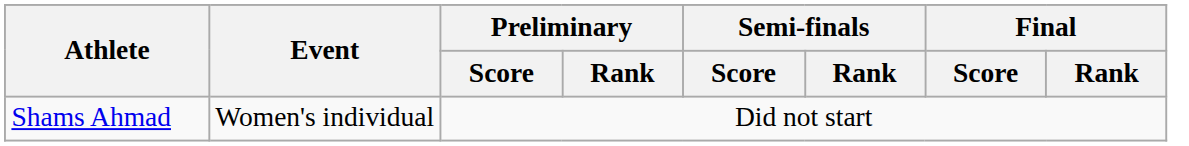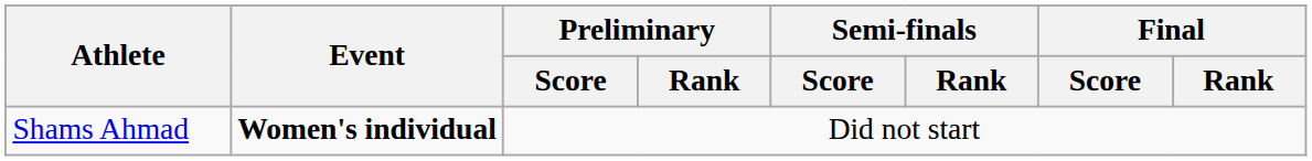 <table class="wikitable" style="font-size:90%; text-align:center">
 <tr>
 <th rowspan="2" width="100">Athlete</th>
 <th rowspan="2">Event</th>
 <th colspan="2" width="120">Preliminary</th>
 <th colspan="2" width="120">Semi-finals</th>
 <th colspan="2" width="120">Final</th>
 </tr>
 <tr>
 <th>Score</th>
 <th>Rank</th>
 <th>Score</th>
 <th>Rank</th>
 <th>Score</th>
 <th>Rank</th>
 </tr>
 <tr>
 <td align="left"><a href='#'>Shams Ahmad</a></td>
-<td align="left">Women's individual</td>
+<td align="left"><strong>Women's individual</strong></td>
 <td colspan=6>Did not start</td>
 </tr>
 </table>
